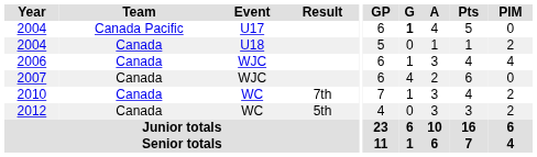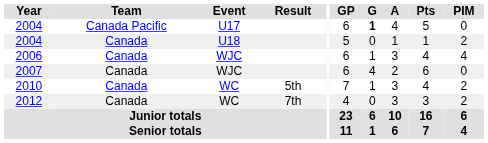 <table border="0" cellpadding="1" cellspacing="0" ID="Table3" style="text-align:center; width:40em">
 <tr ALIGN="center" bgcolor="#e0e0e0">
 <th>Year</th>
 <th>Team</th>
 <th>Event</th>
 <th>Result</th>
 <th rowspan="99" bgcolor="#ffffff"></th>
 <th>GP</th>
 <th>G</th>
 <th>A</th>
 <th>Pts</th>
 <th>PIM</th>
 </tr>
 <tr>
 <td><a href='#'>2004</a></td>
 <td><a href='#'>Canada Pacific</a></td>
 <td><a href='#'>U17</a></td>
 <td></td>
 <td>6</td>
 <td><strong>1</strong></td>
 <td>4</td>
 <td>5</td>
 <td>0</td>
 </tr>
 <tr bgcolor="#f0f0f0">
 <td><a href='#'>2004</a></td>
 <td><a href='#'>Canada</a></td>
 <td><a href='#'>U18</a></td>
 <td></td>
 <td>5</td>
 <td>0</td>
 <td>1</td>
 <td>1</td>
 <td>2</td>
 </tr>
 <tr>
 <td><a href='#'>2006</a></td>
 <td><a href='#'>Canada</a></td>
 <td><a href='#'>WJC</a></td>
 <td></td>
 <td>6</td>
 <td>1</td>
 <td>3</td>
 <td>4</td>
 <td>4</td>
 </tr>
 <tr bgcolor="#f0f0f0">
 <td><a href='#'>2007</a></td>
 <td>Canada</td>
 <td>WJC</td>
 <td></td>
 <td>6</td>
 <td>4</td>
 <td>2</td>
 <td>6</td>
 <td>0</td>
 </tr>
 <tr>
 <td><a href='#'>2010</a></td>
 <td><a href='#'>Canada</a></td>
 <td><a href='#'>WC</a></td>
-<td>7th</td>
+<td>5th</td>
 <td>7</td>
 <td>1</td>
 <td>3</td>
 <td>4</td>
 <td>2</td>
 </tr>
 <tr bgcolor="#f0f0f0">
 <td><a href='#'>2012</a></td>
 <td>Canada</td>
 <td>WC</td>
-<td>5th</td>
+<td>7th</td>
 <td>4</td>
 <td>0</td>
 <td>3</td>
 <td>3</td>
 <td>2</td>
 </tr>
 <tr bgcolor="#e0e0e0">
 <th colspan="4">Junior totals</th>
 <th>23</th>
 <th>6</th>
 <th>10</th>
 <th>16</th>
 <th>6</th>
 </tr>
 <tr bgcolor="#e0e0e0">
 <th colspan="4">Senior totals</th>
 <th>11</th>
 <th>1</th>
 <th>6</th>
 <th>7</th>
 <th>4</th>
 </tr>
 </table>
